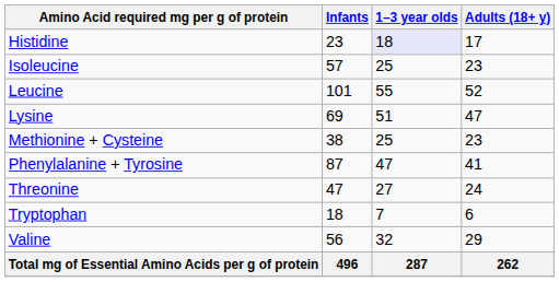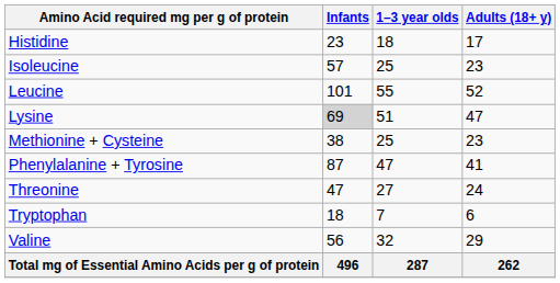 <table class="sortable wikitable">
 <tr>
 <th><small>Amino Acid required mg per g of protein</small></th>
 <th><small><a href='#'>Infants</a></small></th>
 <th><small><a href='#'>1–3 year olds</a></small></th>
 <th><small><a href='#'>Adults (18+ y)</a></small></th>
 </tr>
 <tr>
 <td><a href='#'>Histidine</a></td>
 <td>23</td>
-<td style="background: lavender;">18</td>
+<td>18</td>
 <td>17</td>
 </tr>
 <tr>
 <td><a href='#'>Isoleucine</a></td>
 <td>57</td>
 <td>25</td>
 <td>23</td>
 </tr>
 <tr>
 <td><a href='#'>Leucine</a></td>
 <td>101</td>
 <td>55</td>
 <td>52</td>
 </tr>
 <tr>
 <td><a href='#'>Lysine</a></td>
-<td>69</td>
+<td style="background: lightgrey;">69</td>
 <td>51</td>
 <td>47</td>
 </tr>
 <tr>
 <td><a href='#'>Methionine</a> + <a href='#'>Cysteine</a></td>
 <td>38</td>
 <td>25</td>
 <td>23</td>
 </tr>
 <tr>
 <td><a href='#'>Phenylalanine</a> + <a href='#'>Tyrosine</a></td>
 <td>87</td>
 <td>47</td>
 <td>41</td>
 </tr>
 <tr>
 <td><a href='#'>Threonine</a></td>
 <td>47</td>
 <td>27</td>
 <td>24</td>
 </tr>
 <tr>
 <td><a href='#'>Tryptophan</a></td>
 <td>18</td>
 <td>7</td>
 <td>6</td>
 </tr>
 <tr>
 <td><a href='#'>Valine</a></td>
 <td>56</td>
 <td>32</td>
 <td>29</td>
 </tr>
 <tr>
 <th><small>Total mg of Essential Amino Acids per g of protein</small></th>
 <th><small>496</small></th>
 <th><small>287</small></th>
 <th><small>262</small></th>
 </tr>
 <tr>
 </tr>
 </table>
